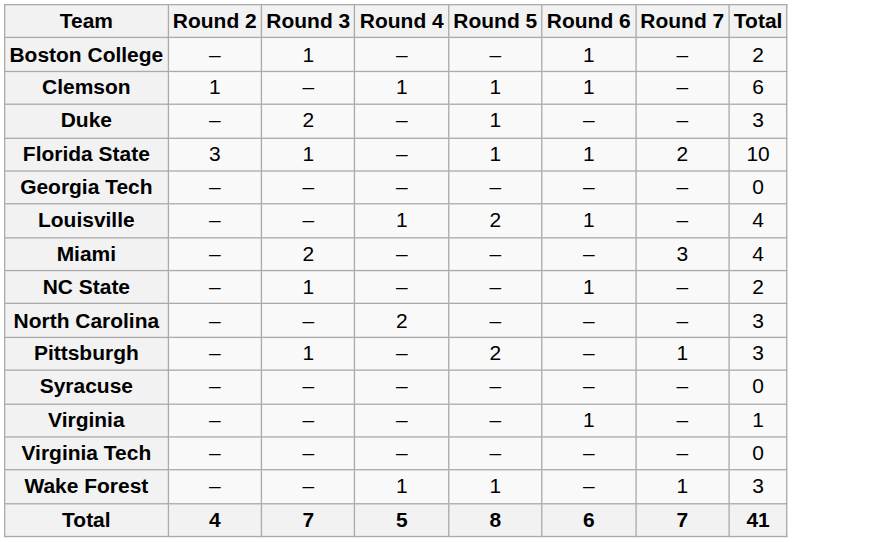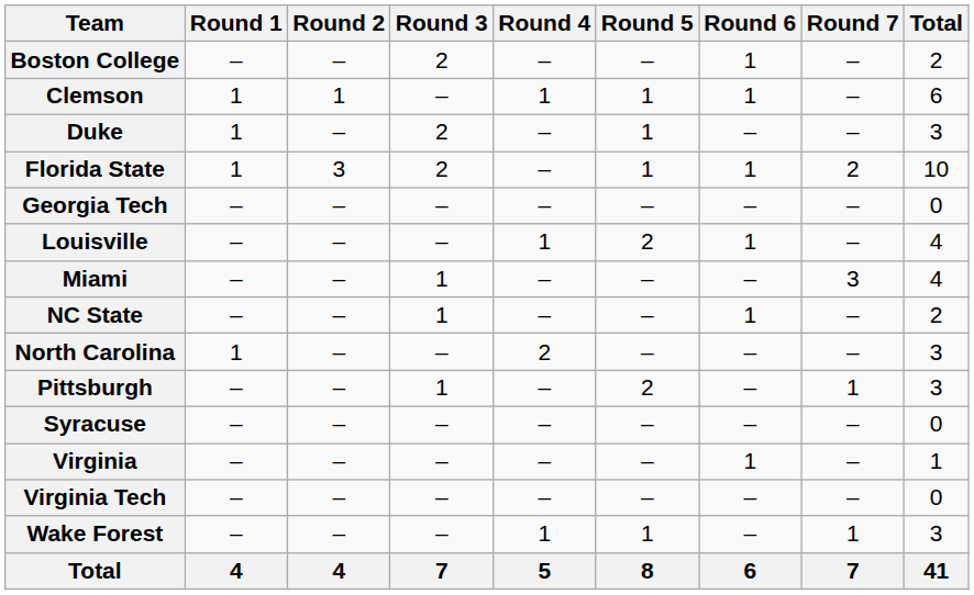 <table class="wikitable sortable" style="text-align: center;">
 <tr>
 <th>Team</th>
+<th>Round 1</th>
 <th>Round 2</th>
 <th>Round 3</th>
 <th>Round 4</th>
 <th>Round 5</th>
 <th>Round 6</th>
 <th>Round 7</th>
 <th>Total</th>
 </tr>
 <tr>
 <th>Boston College</th>
 <td>–</td>
-<td>1</td>
+<td>–</td>
+<td>2</td>
 <td>–</td>
 <td>–</td>
 <td>1</td>
 <td>–</td>
 <td>2</td>
 </tr>
 <tr>
 <th>Clemson</th>
+<td>1</td>
 <td>1</td>
 <td>–</td>
 <td>1</td>
 <td>1</td>
 <td>1</td>
 <td>–</td>
 <td>6</td>
 </tr>
 <tr>
 <th>Duke</th>
+<td>1</td>
 <td>–</td>
 <td>2</td>
 <td>–</td>
 <td>1</td>
 <td>–</td>
 <td>–</td>
 <td>3</td>
 </tr>
 <tr>
 <th>Florida State</th>
+<td>1</td>
 <td>3</td>
-<td>1</td>
+<td>2</td>
 <td>–</td>
 <td>1</td>
 <td>1</td>
 <td>2</td>
 <td>10</td>
 </tr>
 <tr>
 <th>Georgia Tech</th>
 <td>–</td>
 <td>–</td>
 <td>–</td>
 <td>–</td>
 <td>–</td>
 <td>–</td>
+<td>–</td>
 <td>0</td>
 </tr>
 <tr>
 <th>Louisville</th>
+<td>–</td>
 <td>–</td>
 <td>–</td>
 <td>1</td>
 <td>2</td>
 <td>1</td>
 <td>–</td>
 <td>4</td>
 </tr>
 <tr>
 <th>Miami</th>
 <td>–</td>
-<td>2</td>
+<td>–</td>
+<td>1</td>
 <td>–</td>
 <td>–</td>
 <td>–</td>
 <td>3</td>
 <td>4</td>
 </tr>
 <tr>
 <th>NC State</th>
+<td>–</td>
 <td>–</td>
 <td>1</td>
 <td>–</td>
 <td>–</td>
 <td>1</td>
 <td>–</td>
 <td>2</td>
 </tr>
 <tr>
 <th>North Carolina</th>
+<td>1</td>
 <td>–</td>
 <td>–</td>
 <td>2</td>
 <td>–</td>
 <td>–</td>
 <td>–</td>
 <td>3</td>
 </tr>
 <tr>
 <th>Pittsburgh</th>
+<td>–</td>
 <td>–</td>
 <td>1</td>
 <td>–</td>
 <td>2</td>
 <td>–</td>
 <td>1</td>
 <td>3</td>
 </tr>
 <tr>
 <th>Syracuse</th>
 <td>–</td>
 <td>–</td>
 <td>–</td>
 <td>–</td>
 <td>–</td>
 <td>–</td>
+<td>–</td>
 <td>0</td>
 </tr>
 <tr>
 <th>Virginia</th>
+<td>–</td>
 <td>–</td>
 <td>–</td>
 <td>–</td>
 <td>–</td>
 <td>1</td>
 <td>–</td>
 <td>1</td>
 </tr>
 <tr>
 <th>Virginia Tech</th>
 <td>–</td>
 <td>–</td>
 <td>–</td>
 <td>–</td>
 <td>–</td>
 <td>–</td>
+<td>–</td>
 <td>0</td>
 </tr>
 <tr>
 <th>Wake Forest</th>
+<td>–</td>
 <td>–</td>
 <td>–</td>
 <td>1</td>
 <td>1</td>
 <td>–</td>
 <td>1</td>
 <td>3</td>
 </tr>
 <tr>
 <th>Total</th>
 <th>4</th>
+<th>4</th>
 <th>7</th>
 <th>5</th>
 <th>8</th>
 <th>6</th>
 <th>7</th>
 <th>41</th>
 </tr>
 </table>
